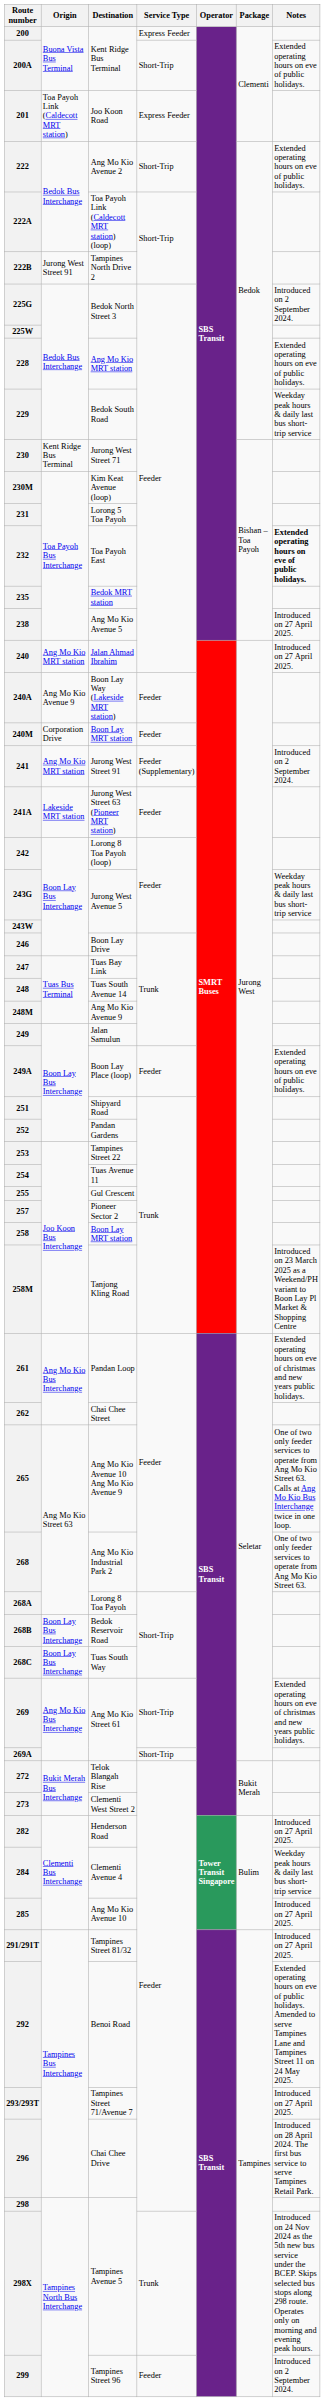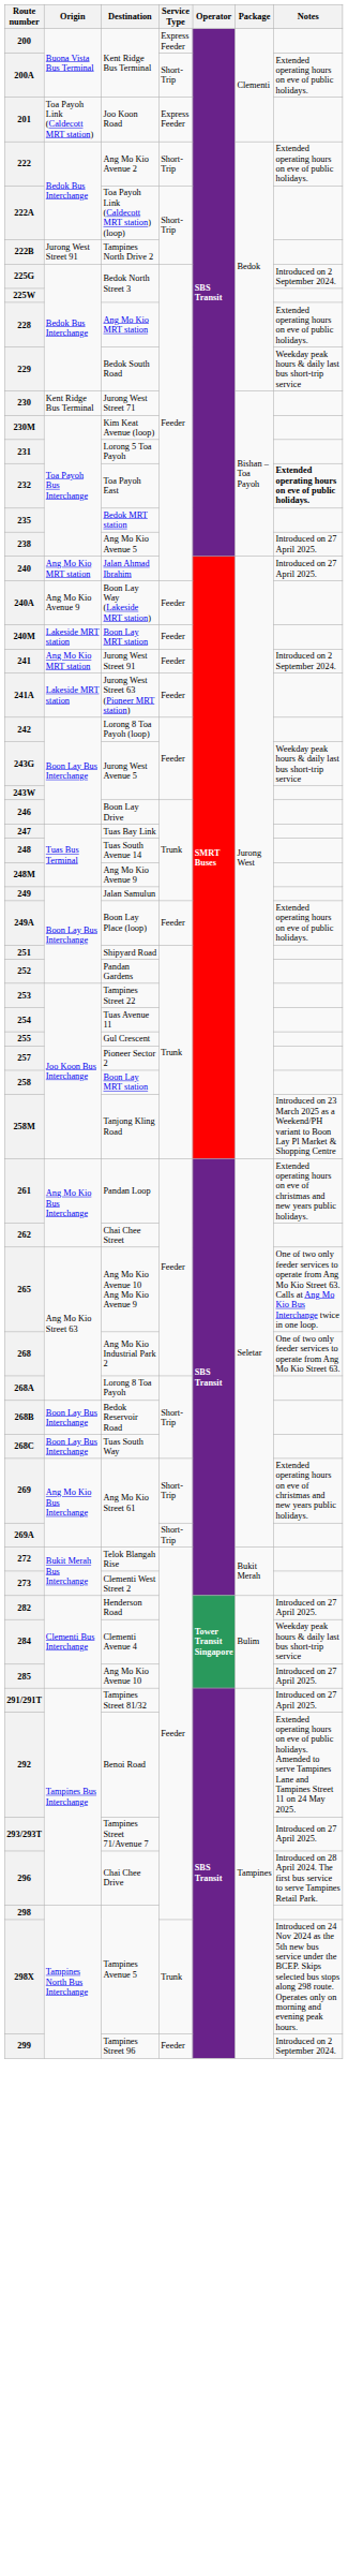 <table class="wikitable">
 <tr>
 <th style="width:4%;">Route<br>number</th>
 <th style="width:17%;">Origin</th>
 <th style="width:17%;">Destination</th>
 <th style="width:10%;">Service Type</th>
 <th style="width:5%;">Operator</th>
 <th style="width:9%;">Package</th>
 <th>Notes</th>
 </tr>
 <tr>
 <th>200</th>
 <td rowspan="2"><a href='#'>Buona Vista Bus Terminal</a></td>
 <td rowspan="2">Kent Ridge Bus Terminal</td>
 <td>Express Feeder</td>
 <td rowspan="16" style="background-color:#69228A; color: white"><strong>SBS Transit</strong></td>
 <td rowspan="3">Clementi</td>
 <td></td>
 </tr>
 <tr>
 <th>200A</th>
 <td>Short-Trip</td>
 <td>Extended operating hours on eve of public holidays.</td>
 </tr>
 <tr>
 <th>201</th>
 <td>Toa Payoh Link (<a href='#'>Caldecott MRT station</a>)</td>
 <td>Joo Koon Road</td>
 <td>Express Feeder</td>
 <td></td>
 </tr>
 <tr>
 <th>222</th>
 <td rowspan="2"><a href='#'>Bedok Bus Interchange</a></td>
 <td>Ang Mo Kio Avenue 2</td>
 <td>Short-Trip</td>
 <td rowspan="7">Bedok</td>
 <td>Extended operating hours on eve of public holidays.</td>
 </tr>
 <tr>
 <th>222A</th>
 <td>Toa Payoh Link (<a href='#'>Caldecott MRT station</a>) (loop)</td>
 <td rowspan=2>Short-Trip</td>
 <td></td>
 </tr>
 <tr>
 <th>222B</th>
 <td>Jurong West Street 91</td>
 <td>Tampines North Drive 2</td>
 <td></td>
 </tr>
 <tr>
 <th>225G</th>
 <td rowspan="4"><a href='#'>Bedok Bus Interchange</a></td>
 <td rowspan="2">Bedok North Street 3</td>
 <td rowspan=11>Feeder</td>
 <td>Introduced on 2 September 2024.</td>
 </tr>
 <tr>
 <th>225W</th>
 <td></td>
 </tr>
 <tr>
 <th>228</th>
 <td><a href='#'>Ang Mo Kio MRT station</a></td>
 <td>Extended operating hours on eve of public holidays.</td>
 </tr>
 <tr>
 <th>229</th>
 <td>Bedok South Road</td>
 <td>Weekday peak hours & daily last bus short-trip service</td>
 </tr>
 <tr>
 <th>230</th>
 <td>Kent Ridge Bus Terminal</td>
 <td>Jurong West Street 71</td>
 <td rowspan="6">Bishan – Toa Payoh</td>
 <td></td>
 </tr>
 <tr>
 <th>230M</th>
 <td rowspan="5"><a href='#'>Toa Payoh Bus Interchange</a></td>
 <td>Kim Keat Avenue (loop)</td>
 <td></td>
 </tr>
 <tr>
 <th>231</th>
 <td>Lorong 5 Toa Payoh</td>
 <td></td>
 </tr>
 <tr>
 <th>232</th>
 <td>Toa Payoh East</td>
 <td><strong>Extended operating hours on eve of public holidays.</strong></td>
 </tr>
 <tr>
 <th>235</th>
 <td><a href='#'>Bedok MRT station</a></td>
 <td></td>
 </tr>
 <tr>
 <th>238</th>
 <td>Ang Mo Kio Avenue 5</td>
 <td>Introduced on 27 April 2025.</td>
 </tr>
 <tr>
 <th>240</th>
 <td><a href='#'>Ang Mo Kio MRT station</a></td>
 <td><a href='#'>Jalan Ahmad Ibrahim</a></td>
 <td rowspan="22" style="background-color:#ff0000; color: white"><strong>SMRT Buses</strong></td>
 <td rowspan="22">Jurong West</td>
 <td>Introduced on 27 April 2025.</td>
 </tr>
 <tr>
 <th>240A</th>
 <td>Ang Mo Kio Avenue 9</td>
 <td>Boon Lay Way (<a href='#'>Lakeside MRT station</a>)</td>
 <td>Feeder</td>
 <td></td>
 </tr>
 <tr>
 <th>240M</th>
-<td>Corporation Drive</td>
+<td><a href='#'>Lakeside MRT station</a></td>
 <td><a href='#'>Boon Lay MRT station</a></td>
 <td>Feeder</td>
 <td></td>
 </tr>
 <tr>
 <th>241</th>
 <td><a href='#'>Ang Mo Kio MRT station</a></td>
 <td>Jurong West Street 91</td>
-<td>Feeder (Supplementary)</td>
+<td>Feeder</td>
 <td>Introduced on 2 September 2024.</td>
 </tr>
 <tr>
 <th>241A</th>
 <td><a href='#'>Lakeside MRT station</a></td>
 <td>Jurong West Street 63 (<a href='#'>Pioneer MRT station</a>)</td>
 <td>Feeder</td>
 <td></td>
 </tr>
 <tr>
 <th>242</th>
 <td rowspan="4"><a href='#'>Boon Lay Bus Interchange</a></td>
 <td>Lorong 8 Toa Payoh (loop)</td>
 <td rowspan=3>Feeder</td>
 <td></td>
 </tr>
 <tr>
 <th>243G</th>
 <td rowspan="2">Jurong West Avenue 5</td>
 <td>Weekday peak hours & daily last bus short-trip service</td>
 </tr>
 <tr>
 <th>243W</th>
 <td></td>
 </tr>
 <tr>
 <th>246</th>
 <td>Boon Lay Drive</td>
 <td rowspan="5">Trunk</td>
 <td></td>
 </tr>
 <tr>
 <th>247</th>
 <td rowspan="3"><a href='#'>Tuas Bus Terminal</a></td>
 <td>Tuas Bay Link</td>
 <td></td>
 </tr>
 <tr>
 <th>248</th>
 <td>Tuas South Avenue 14</td>
 <td></td>
 </tr>
 <tr>
 <th>248M</th>
 <td>Ang Mo Kio Avenue 9</td>
 <td></td>
 </tr>
 <tr>
 <th>249</th>
 <td rowspan="4"><a href='#'>Boon Lay Bus Interchange</a></td>
 <td>Jalan Samulun</td>
 <td></td>
 </tr>
 <tr>
 <th>249A</th>
 <td>Boon Lay Place (loop)</td>
 <td>Feeder</td>
 <td>Extended operating hours on eve of public holidays.</td>
 </tr>
 <tr>
 <th>251</th>
 <td>Shipyard Road</td>
 <td rowspan="8">Trunk</td>
 <td></td>
 </tr>
 <tr>
 <th>252</th>
 <td>Pandan Gardens</td>
 <td></td>
 </tr>
 <tr>
 <th>253</th>
 <td rowspan="6"><a href='#'>Joo Koon Bus Interchange</a></td>
 <td>Tampines Street 22</td>
 <td></td>
 </tr>
 <tr>
 <th>254</th>
 <td>Tuas Avenue 11</td>
 <td></td>
 </tr>
 <tr>
 <th>255</th>
 <td>Gul Crescent</td>
 <td></td>
 </tr>
 <tr>
 <th>257</th>
 <td>Pioneer Sector 2</td>
 <td></td>
 </tr>
 <tr>
 <th>258</th>
 <td><a href='#'>Boon Lay MRT station</a></td>
 <td></td>
 </tr>
 <tr>
 <th>258M</th>
 <td>Tanjong Kling Road</td>
 <td>Introduced on 23 March 2025 as a Weekend/PH variant to Boon Lay Pl Market & Shopping Centre</td>
 </tr>
 <tr>
 <th>261</th>
 <td rowspan="2"><a href='#'>Ang Mo Kio Bus Interchange</a></td>
 <td>Pandan Loop</td>
 <td rowspan=4>Feeder</td>
 <td rowspan="11" style="background-color:#69228A; color: white"><strong>SBS Transit</strong></td>
 <td rowspan="9">Seletar</td>
 <td>Extended operating hours on eve of christmas and new years public holidays.</td>
 </tr>
 <tr>
 <th>262</th>
 <td>Chai Chee Street</td>
 <td></td>
 </tr>
 <tr>
 <th>265</th>
 <td rowspan="3">Ang Mo Kio Street 63</td>
 <td>Ang Mo Kio Avenue 10<br>Ang Mo Kio Avenue 9</td>
 <td>One of two only feeder services to operate from Ang Mo Kio Street 63. Calls at <a href='#'>Ang Mo Kio Bus Interchange</a> twice in one loop.</td>
 </tr>
 <tr>
 <th>268</th>
 <td>Ang Mo Kio Industrial Park 2</td>
 <td>One of two only feeder services to operate from Ang Mo Kio Street 63.</td>
 </tr>
 <tr>
 <th>268A</th>
 <td>Lorong 8 Toa Payoh</td>
 <td rowspan=3>Short-Trip</td>
 <td></td>
 </tr>
 <tr>
 <th>268B</th>
 <td><a href='#'>Boon Lay Bus Interchange</a></td>
 <td>Bedok Reservoir Road</td>
 <td></td>
 </tr>
 <tr>
 <th>268C</th>
 <td><a href='#'>Boon Lay Bus Interchange</a></td>
 <td>Tuas South Way</td>
 <td></td>
 </tr>
 <tr>
 <th>269</th>
 <td rowspan="2"><a href='#'>Ang Mo Kio Bus Interchange</a></td>
 <td rowspan="2">Ang Mo Kio Street 61</td>
 <td>Short-Trip</td>
 <td>Extended operating hours on eve of christmas and new years public holidays.</td>
 </tr>
 <tr>
 <th>269A</th>
 <td>Short-Trip</td>
 <td></td>
 </tr>
 <tr>
 <th>272</th>
 <td rowspan="2"><a href='#'>Bukit Merah Bus Interchange</a></td>
 <td>Telok Blangah Rise</td>
 <td rowspan=10>Feeder</td>
 <td rowspan="2">Bukit Merah</td>
 <td></td>
 </tr>
 <tr>
 <th>273</th>
 <td>Clementi West Street 2</td>
 <td></td>
 </tr>
 <tr>
 <th>282</th>
 <td rowspan="3"><a href='#'>Clementi Bus Interchange</a></td>
 <td>Henderson Road</td>
 <td rowspan=3 style="background-color: #29995c; color: white"><strong>Tower Transit Singapore</strong></td>
 <td rowspan="3">Bulim</td>
 <td>Introduced on 27 April 2025.</td>
 </tr>
 <tr>
 <th>284</th>
 <td>Clementi Avenue 4</td>
 <td>Weekday peak hours & daily last bus short-trip service</td>
 </tr>
 <tr>
 <th>285</th>
 <td>Ang Mo Kio Avenue 10</td>
 <td>Introduced on 27 April 2025.</td>
 </tr>
 <tr>
 <th>291/291T</th>
 <td rowspan="4"><a href='#'>Tampines Bus Interchange</a></td>
 <td>Tampines Street 81/32</td>
 <td rowspan="7" style="background-color:#69228A; color: white"><strong>SBS Transit</strong></td>
 <td rowspan="7">Tampines</td>
 <td>Introduced on 27 April 2025.</td>
 </tr>
 <tr>
 <th>292</th>
 <td>Benoi Road</td>
 <td>Extended operating hours on eve of public holidays. Amended to serve Tampines Lane and Tampines Street 11 on 24 May 2025.</td>
 </tr>
 <tr>
 <th>293/293T</th>
 <td>Tampines Street 71/Avenue 7</td>
 <td>Introduced on 27 April 2025.</td>
 </tr>
 <tr>
 <th>296</th>
 <td>Chai Chee Drive</td>
 <td>Introduced on 28 April 2024. The first bus service to serve Tampines Retail Park.</td>
 </tr>
 <tr>
 <th>298</th>
 <td rowspan="4"><a href='#'>Tampines North Bus Interchange</a></td>
 <td rowspan=2>Tampines Avenue 5</td>
 <td></td>
 </tr>
 <tr>
 <th>298X</th>
 <td>Trunk</td>
 <td>Introduced on 24 Nov 2024 as the 5th new bus service under the BCEP. Skips selected bus stops along 298 route. Operates only on morning and evening peak hours.</td>
 </tr>
 <tr>
 <th>299</th>
 <td>Tampines Street 96</td>
 <td>Feeder</td>
 <td>Introduced on 2 September 2024.</td>
 </tr>
 </table>
